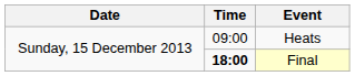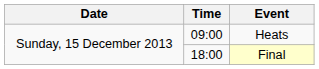 <table class = "wikitable" style="text-align:center;">
 <tr>
 <th width=220>Date</th>
 <th width=50>Time</th>
 <th width=100>Event</th>
 </tr>
 <tr>
 <td rowspan=2>Sunday, 15 December 2013</td>
 <td>09:00</td>
 <td>Heats</td>
 </tr>
 <tr>
-<td><strong>18:00</strong></td>
+<td>18:00</td>
 <td bgcolor=ffffcc>Final</td>
 </tr>
 </table>
